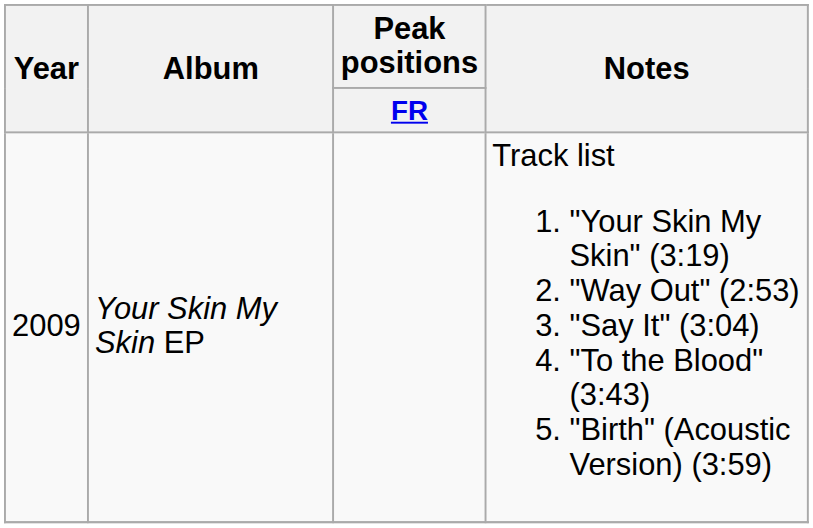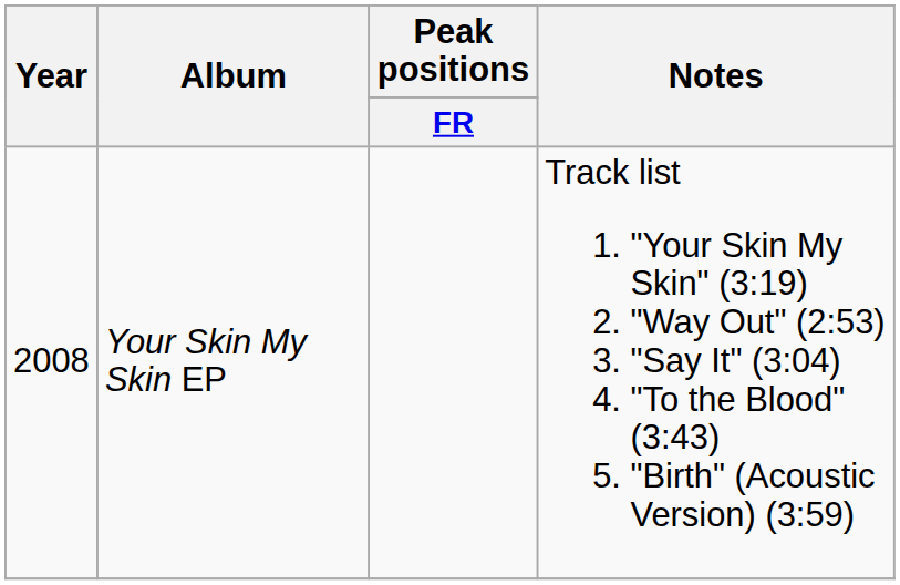 <table class="wikitable">
 <tr>
 <th align="center" rowspan="2" width="10">Year</th>
 <th align="center" rowspan="2" width="120">Album</th>
 <th align="center" colspan="1" width="20">Peak positions</th>
 <th align="center" rowspan="2" width="160">Notes</th>
 </tr>
 <tr>
 <th scope="col" style="width:3em;font-size:90%;"><a href='#'>FR</a><br></th>
 </tr>
 <tr>
-<td style="text-align:center;">2009</td>
+<td style="text-align:center;">2008</td>
 <td><em>Your Skin My Skin</em> EP</td>
 <td style="text-align:center;"></td>
 <td>Track list<br><ol><li>"Your Skin My Skin" (3:19)</li><li>"Way Out" (2:53)</li><li>"Say It" (3:04)</li><li>"To the Blood" (3:43)</li><li>"Birth" (Acoustic Version) (3:59)</li></ol></td>
 </tr>
 <tr>
 </tr>
 </table>
